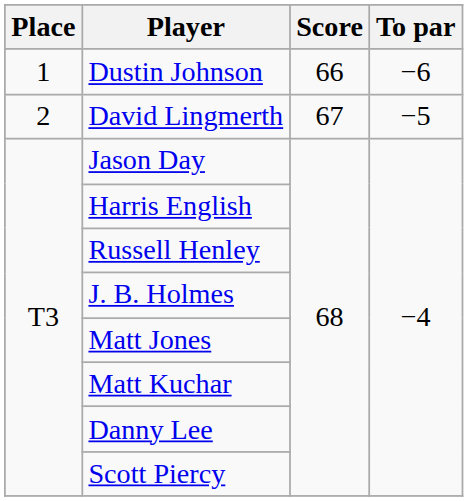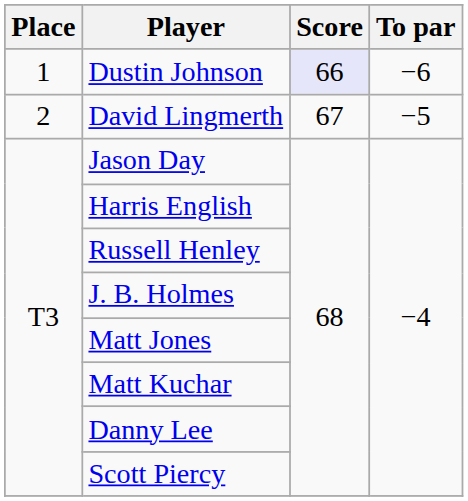 <table class="wikitable">
 <tr>
 <th>Place</th>
 <th>Player</th>
 <th>Score</th>
 <th>To par</th>
 </tr>
 <tr>
 <td align=center>1</td>
 <td> <a href='#'>Dustin Johnson</a></td>
-<td align=center>66</td>
+<td align=center style="background: lavender;">66</td>
 <td align=center>−6</td>
 </tr>
 <tr>
 <td align=center>2</td>
 <td> <a href='#'>David Lingmerth</a></td>
 <td align=center>67</td>
 <td align=center>−5</td>
 </tr>
 <tr>
 <td rowspan="8" style="text-align:center;">T3</td>
 <td> <a href='#'>Jason Day</a></td>
 <td rowspan="8" style="text-align:center;">68</td>
 <td rowspan="8" style="text-align:center;">−4</td>
 </tr>
 <tr>
 <td> <a href='#'>Harris English</a></td>
 </tr>
 <tr>
 <td> <a href='#'>Russell Henley</a></td>
 </tr>
 <tr>
 <td> <a href='#'>J. B. Holmes</a></td>
 </tr>
 <tr>
 <td> <a href='#'>Matt Jones</a></td>
 </tr>
 <tr>
 <td> <a href='#'>Matt Kuchar</a></td>
 </tr>
 <tr>
 <td> <a href='#'>Danny Lee</a></td>
 </tr>
 <tr>
 <td> <a href='#'>Scott Piercy</a></td>
 </tr>
 </table>
